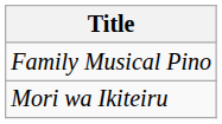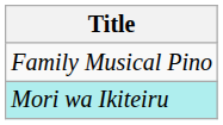 <table class="wikitable">
 <tr>
 <th>Title</th>
 </tr>
 <tr>
 <td><em>Family Musical Pino</em></td>
 </tr>
 <tr>
-<td><em>Mori wa Ikiteiru</em></td>
+<td style="background: paleturquoise;"><em>Mori wa Ikiteiru</em></td>
 </tr>
 </table>
